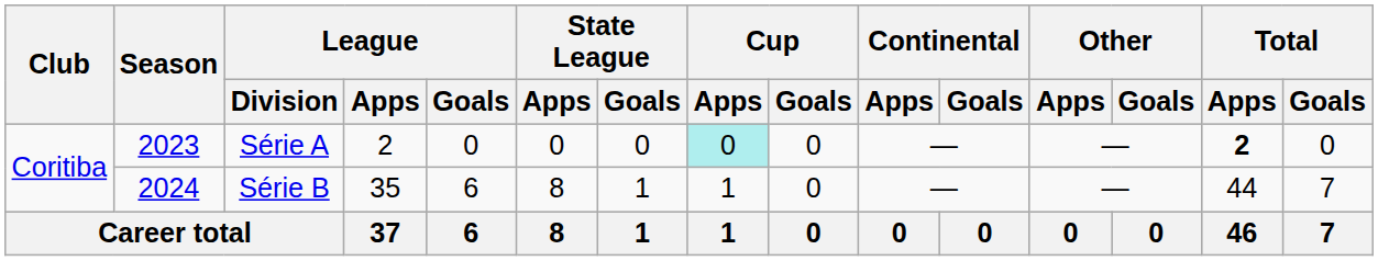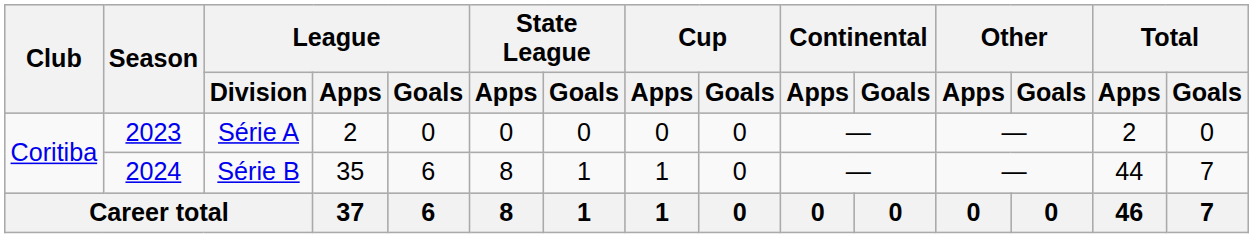 <table class="wikitable" style="text-align: center;">
 <tr>
 <th rowspan="2">Club</th>
 <th rowspan="2">Season</th>
 <th colspan="3">League</th>
 <th colspan="2">State League</th>
 <th colspan="2">Cup</th>
 <th colspan="2">Continental</th>
 <th colspan="2">Other</th>
 <th colspan="2">Total</th>
 </tr>
 <tr>
 <th>Division</th>
 <th>Apps</th>
 <th>Goals</th>
 <th>Apps</th>
 <th>Goals</th>
 <th>Apps</th>
 <th>Goals</th>
 <th>Apps</th>
 <th>Goals</th>
 <th>Apps</th>
 <th>Goals</th>
 <th>Apps</th>
 <th>Goals</th>
 </tr>
 <tr>
 <td rowspan="2" valign="center"><a href='#'>Coritiba</a></td>
 <td><a href='#'>2023</a></td>
 <td><a href='#'>Série A</a></td>
 <td>2</td>
 <td>0</td>
 <td>0</td>
 <td>0</td>
-<td style="background: paleturquoise;">0</td>
+<td>0</td>
 <td>0</td>
 <td colspan="2">—</td>
 <td colspan="2">—</td>
-<td><strong>2</strong></td>
+<td>2</td>
 <td>0</td>
 </tr>
 <tr>
 <td><a href='#'>2024</a></td>
 <td><a href='#'>Série B</a></td>
 <td>35</td>
 <td>6</td>
 <td>8</td>
 <td>1</td>
 <td>1</td>
 <td>0</td>
 <td colspan="2">—</td>
 <td colspan="2">—</td>
 <td>44</td>
 <td>7</td>
 </tr>
 <tr>
 <th colspan="3"><strong>Career total</strong></th>
 <th>37</th>
 <th>6</th>
 <th>8</th>
 <th>1</th>
 <th>1</th>
 <th>0</th>
 <th>0</th>
 <th>0</th>
 <th>0</th>
 <th>0</th>
 <th>46</th>
 <th>7</th>
 </tr>
 </table>
